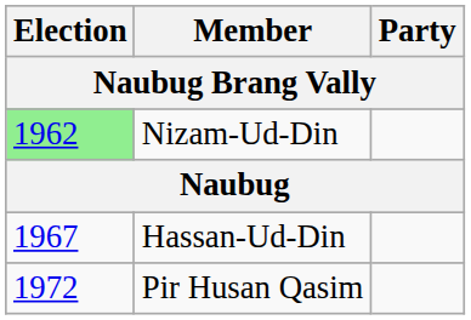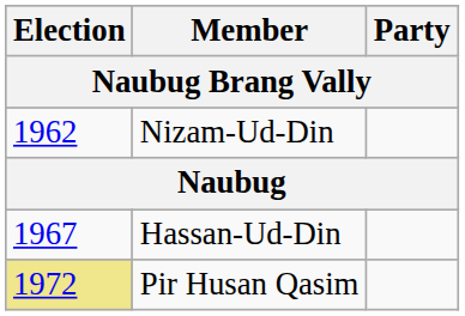 <table class="wikitable sortable">
 <tr>
 <th>Election</th>
 <th>Member</th>
 <th colspan=2>Party</th>
 </tr>
 <tr>
 <th colspan=4>Naubug Brang Vally</th>
 </tr>
 <tr>
-<td style="background: lightgreen;"><a href='#'>1962</a></td>
+<td><a href='#'>1962</a></td>
 <td>Nizam-Ud-Din</td>
 <td></td>
 </tr>
 <tr>
 <th colspan=4>Naubug</th>
 </tr>
 <tr>
 <td><a href='#'>1967</a></td>
 <td>Hassan-Ud-Din</td>
 <td></td>
 </tr>
 <tr>
-<td><a href='#'>1972</a></td>
+<td style="background: khaki;"><a href='#'>1972</a></td>
 <td>Pir Husan Qasim</td>
 </tr>
 </table>
